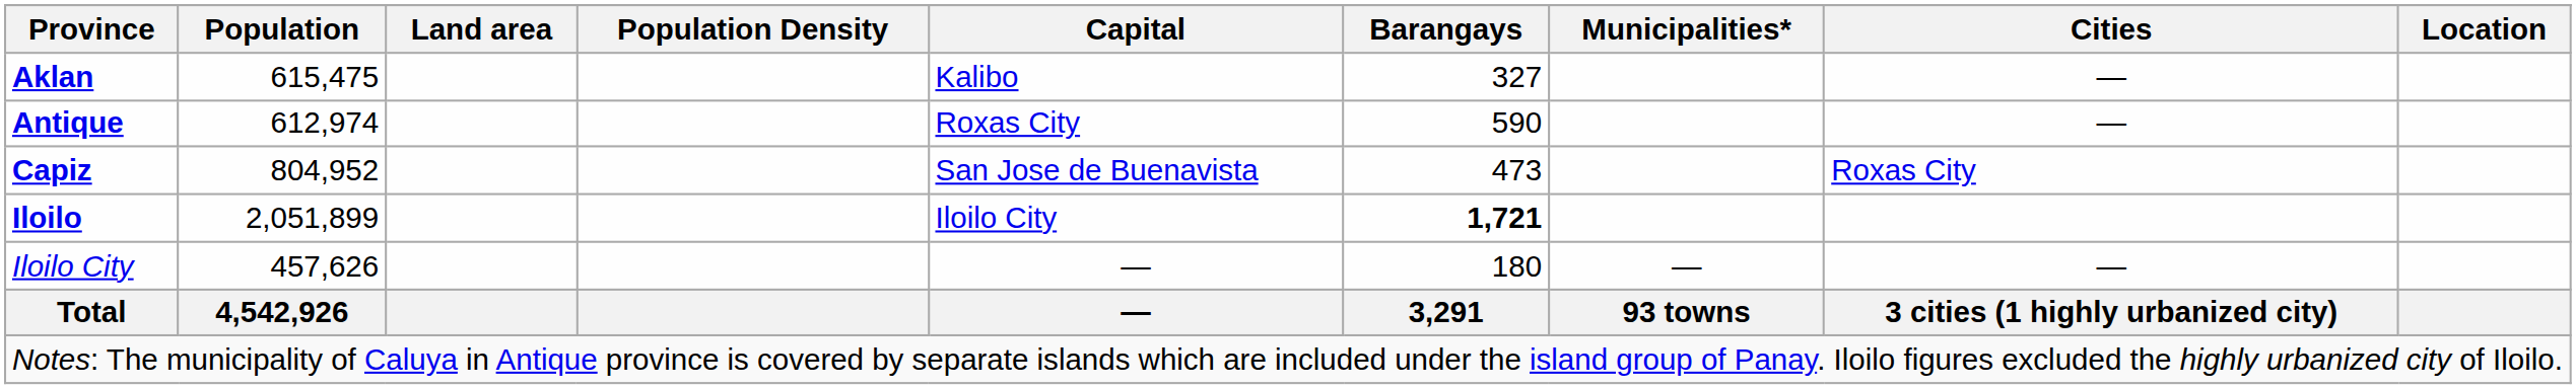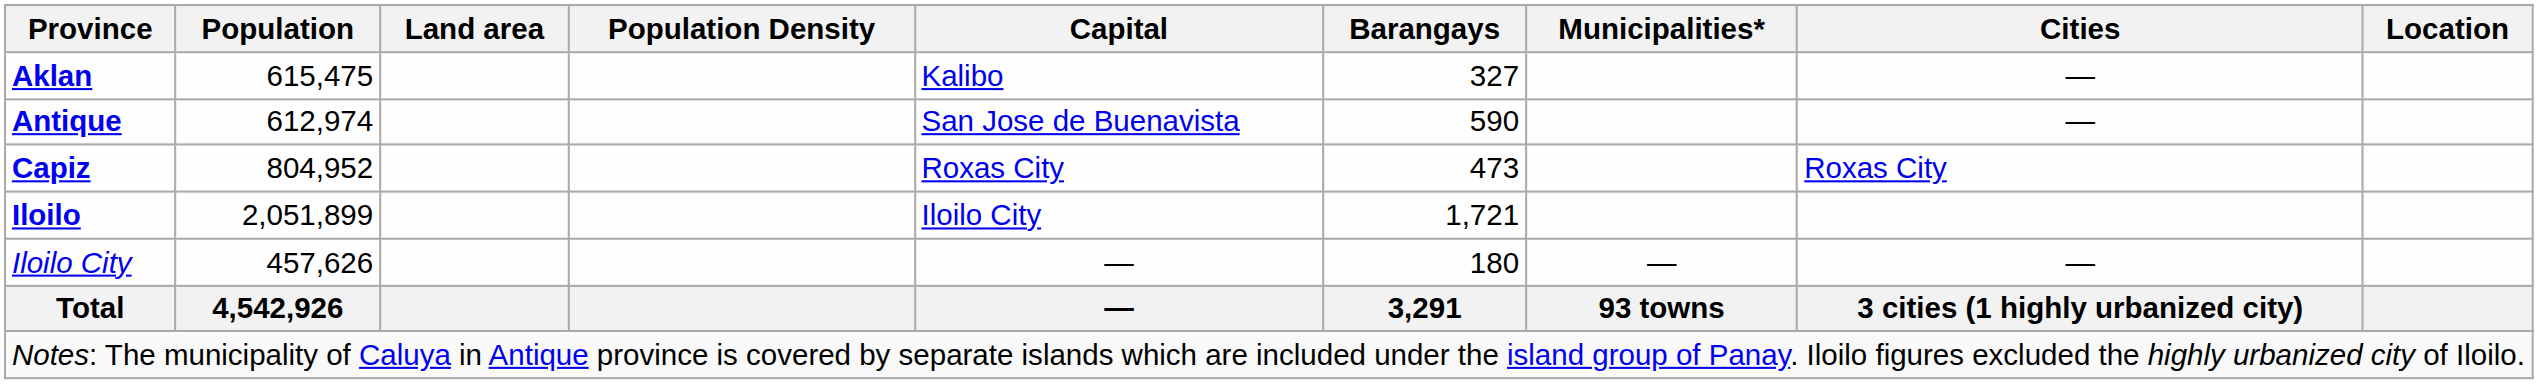 <table class="wikitable sortable" style="text-align:right;font-size:90%;background-color:#FEFEFE;">
 <tr>
 </tr>
 <tr>
 <th scope="col">Province </th>
 <th scope="col">Population<br></th>
 <th scope="col">Land area</th>
 <th scope="col">Population Density</th>
 <th scope="col">Capital</th>
 <th>Barangays</th>
 <th scope="col">Municipalities*</th>
 <th scope="col" class="unsortable">Cities</th>
 <th scope="col" class="unsortable">Location</th>
 </tr>
 <tr style="vertical-align:top;">
 <td style="text-align:left;font-weight:bold;"><a href='#'>Aklan</a></td>
 <td>615,475</td>
 <td></td>
 <td></td>
 <td style="text-align:left;"><a href='#'>Kalibo</a></td>
 <td>327</td>
 <td></td>
 <td style="text-align:center;">—</td>
 <td data-sort-value="11"></td>
 </tr>
 <tr style="vertical-align:top;">
 <td style="text-align:left;font-weight:bold;"><a href='#'>Antique</a></td>
 <td>612,974</td>
 <td></td>
 <td></td>
-<td style="text-align:left;"><a href='#'>Roxas City</a></td>
+<td style="text-align:left;"><a href='#'>San Jose de Buenavista</a></td>
 <td>590</td>
 <td></td>
 <td style="text-align:center;">—</td>
 <td data-sort-value="13"></td>
 </tr>
 <tr style="vertical-align:top;">
 <td style="text-align:left;font-weight:bold;"><a href='#'>Capiz</a></td>
 <td>804,952</td>
 <td></td>
 <td></td>
-<td style="text-align:left;"><a href='#'>San Jose de Buenavista</a></td>
+<td style="text-align:left;"><a href='#'>Roxas City</a></td>
 <td>473</td>
 <td></td>
 <td style="text-align:left;"><a href='#'>Roxas City</a></td>
 <td data-sort-value="12"></td>
 </tr>
 <tr style="vertical-align:top;">
 <td style="text-align:left;font-weight:bold;"><a href='#'>Iloilo</a></td>
 <td>2,051,899</td>
 <td></td>
 <td></td>
 <td style="text-align:left;"><a href='#'>Iloilo City</a></td>
-<td><strong>1,721</strong></td>
+<td>1,721</td>
 <td></td>
 <td style="text-align:left;"></td>
 <td data-sort-value="14"></td>
 </tr>
 <tr>
 <td style="text-align:left;font-weight:regular;"><em><a href='#'>Iloilo City</a></em></td>
 <td>457,626</td>
 <td></td>
 <td></td>
 <td style="text-align:center;">—</td>
 <td>180</td>
 <td style="text-align:center;">—</td>
 <td style="text-align:center;">—</td>
 <td></td>
 </tr>
 <tr class="sortbottom">
 <th>Total</th>
 <th scope="col">4,542,926</th>
 <th scope="col"></th>
 <th scope="col"></th>
 <th scope="col">—</th>
 <th>3,291</th>
 <th>93 towns</th>
 <th>3 cities (1 highly urbanized city)</th>
 <th></th>
 </tr>
 <tr class="sortbottom" style="text-align:left;background-color:#F9F9F9;">
 <td colspan="9"><em>Notes</em>: The municipality of <a href='#'>Caluya</a> in <a href='#'>Antique</a> province is covered by separate islands which are included under the <a href='#'>island group of Panay</a>. Iloilo figures excluded the <em>highly urbanized city</em> of Iloilo.</td>
 </tr>
 </table>
